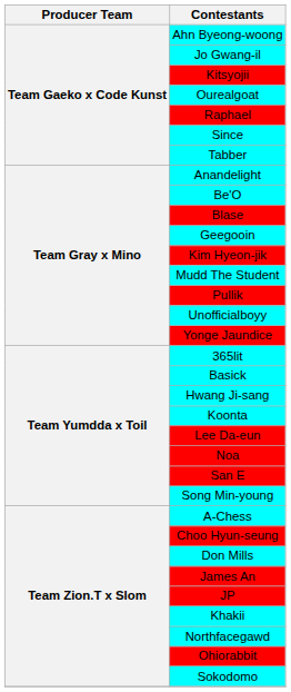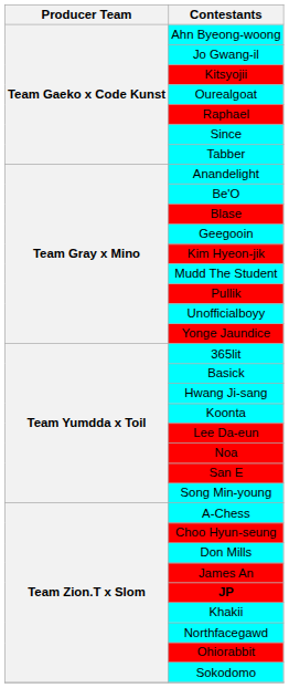 <table class="wikitable" style="text-align:center">
 <tr>
 <th>Producer Team</th>
 <th>Contestants</th>
 </tr>
 <tr>
 <th rowspan="7">Team Gaeko x Code Kunst</th>
 <td style="background:cyan">Ahn Byeong-woong</td>
 </tr>
 <tr>
 <td style="background:cyan">Jo Gwang-il</td>
 </tr>
 <tr>
 <td style="background:red">Kitsyojii</td>
 </tr>
 <tr>
 <td style="background:cyan">Ourealgoat</td>
 </tr>
 <tr>
 <td style="background:red">Raphael</td>
 </tr>
 <tr>
 <td style="background:cyan">Since</td>
 </tr>
 <tr>
 <td style="background:cyan">Tabber</td>
 </tr>
 <tr>
 <th rowspan="9">Team Gray x Mino</th>
 <td style="background:cyan">Anandelight</td>
 </tr>
 <tr>
 <td style="background:cyan">Be'O</td>
 </tr>
 <tr>
 <td style="background:red">Blase</td>
 </tr>
 <tr>
 <td style="background:cyan">Geegooin</td>
 </tr>
 <tr>
 <td style="background:red">Kim Hyeon-jik</td>
 </tr>
 <tr>
 <td style="background:cyan">Mudd The Student</td>
 </tr>
 <tr>
 <td style="background:red">Pullik</td>
 </tr>
 <tr>
 <td style="background:cyan">Unofficialboyy</td>
 </tr>
 <tr>
 <td style="background:red">Yonge Jaundice</td>
 </tr>
 <tr>
 <th rowspan="8">Team Yumdda x Toil</th>
 <td style="background:cyan">365lit</td>
 </tr>
 <tr>
 <td style="background:cyan">Basick</td>
 </tr>
 <tr>
 <td style="background:cyan">Hwang Ji-sang</td>
 </tr>
 <tr>
 <td style="background:cyan">Koonta</td>
 </tr>
 <tr>
 <td style="background:red">Lee Da-eun</td>
 </tr>
 <tr>
 <td style="background:red">Noa</td>
 </tr>
 <tr>
 <td style="background:red">San E</td>
 </tr>
 <tr>
 <td style="background:cyan">Song Min-young</td>
 </tr>
 <tr>
 <th rowspan="9">Team Zion.T x Slom</th>
 <td style="background:cyan">A-Chess</td>
 </tr>
 <tr>
 <td style="background:red">Choo Hyun-seung</td>
 </tr>
 <tr>
 <td style="background:cyan">Don Mills</td>
 </tr>
 <tr>
 <td style="background:red">James An</td>
 </tr>
 <tr>
-<td style="background:red">JP</td>
+<td style="background:red"><strong>JP</strong></td>
 </tr>
 <tr>
 <td style="background:cyan">Khakii</td>
 </tr>
 <tr>
 <td style="background:cyan">Northfacegawd</td>
 </tr>
 <tr>
 <td style="background:red">Ohiorabbit</td>
 </tr>
 <tr>
 <td style="background:cyan">Sokodomo</td>
 </tr>
 <tr>
 </tr>
 </table>
